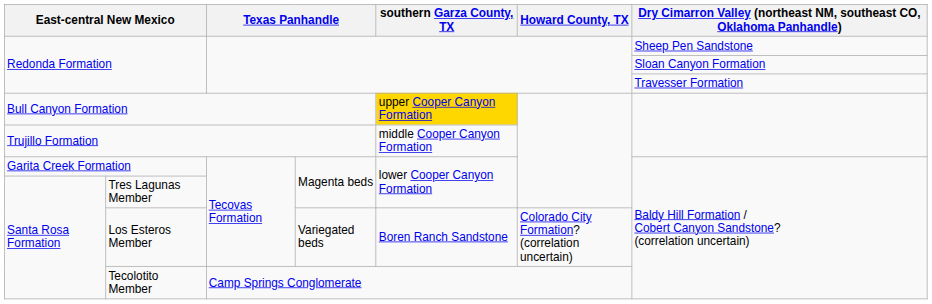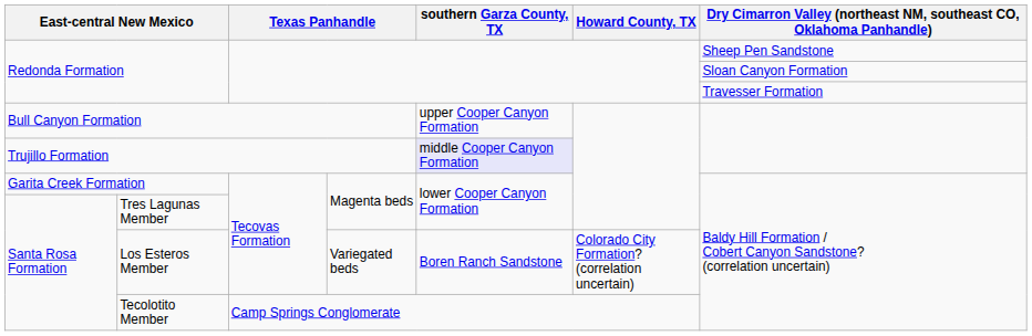 <table class="wikitable">
 <tr>
 <th colspan="2">East-central New Mexico</th>
 <th colspan="2"><a href='#'>Texas Panhandle</a></th>
 <th>southern <a href='#'>Garza County, TX</a></th>
 <th><a href='#'>Howard County, TX</a></th>
 <th><a href='#'>Dry Cimarron Valley</a> (northeast NM, southeast CO, <a href='#'>Oklahoma Panhandle</a>)</th>
 </tr>
 <tr>
 <td colspan="2" rowspan="3"><a href='#'>Redonda Formation</a></td>
 <td colspan="4" rowspan="3"></td>
 <td><a href='#'>Sheep Pen Sandstone</a></td>
 </tr>
 <tr>
 <td><a href='#'>Sloan Canyon Formation</a></td>
 </tr>
 <tr>
 <td><a href='#'>Travesser Formation</a></td>
 </tr>
 <tr>
 <td colspan="4"><a href='#'>Bull Canyon Formation</a></td>
-<td style="background: gold;">upper <a href='#'>Cooper Canyon Formation</a></td>
+<td>upper <a href='#'>Cooper Canyon Formation</a></td>
 <td rowspan="4"></td>
 <td rowspan="2"></td>
 </tr>
 <tr>
 <td colspan="4"><a href='#'>Trujillo Formation</a></td>
-<td>middle <a href='#'>Cooper Canyon Formation</a></td>
+<td style="background: lavender;">middle <a href='#'>Cooper Canyon Formation</a></td>
 </tr>
 <tr>
 <td colspan="2"><a href='#'>Garita Creek Formation</a></td>
 <td rowspan="4"><a href='#'>Tecovas Formation</a></td>
 <td rowspan="2">Magenta beds</td>
 <td rowspan="3">lower <a href='#'>Cooper Canyon Formation</a></td>
 <td rowspan="5"><a href='#'>Baldy Hill Formation</a> /<br><a href='#'>Cobert Canyon Sandstone</a>?<br>(correlation uncertain)</td>
 </tr>
 <tr>
 <td rowspan="4"><a href='#'>Santa Rosa Formation</a></td>
 <td>Tres Lagunas Member</td>
 </tr>
 <tr>
 <td rowspan="2">Los Esteros Member</td>
 <td rowspan="2">Variegated beds</td>
 <td rowspan="2"><a href='#'>Colorado City Formation</a>?<br>(correlation uncertain)</td>
 </tr>
 <tr>
 <td><a href='#'>Boren Ranch Sandstone</a></td>
 </tr>
 <tr>
 <td>Tecolotito Member</td>
 <td colspan="4"><a href='#'>Camp Springs Conglomerate</a></td>
 </tr>
 </table>
